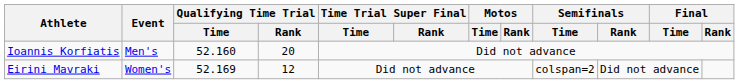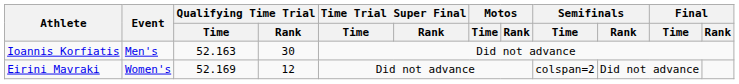 <table class="wikitable" style="font-size:90%">
 <tr>
 <th rowspan="2">Athlete</th>
 <th rowspan="2">Event</th>
 <th colspan="2">Qualifying Time Trial</th>
 <th colspan="2">Time Trial Super Final</th>
 <th colspan="2">Motos</th>
 <th colspan="2">Semifinals</th>
 <th colspan="2">Final</th>
 </tr>
 <tr>
 <th>Time</th>
 <th>Rank</th>
 <th>Time</th>
 <th>Rank</th>
 <th>Time</th>
 <th>Rank</th>
 <th>Time</th>
 <th>Rank</th>
 <th>Time</th>
 <th>Rank</th>
 </tr>
 <tr align=center>
 <td align=left><a href='#'>Ioannis Korfiatis</a></td>
 <td align=left><a href='#'>Men's</a></td>
-<td>52.160</td>
-<td>20</td>
+<td>52.163</td>
+<td>30</td>
 <td colspan=8>Did not advance</td>
 </tr>
 <tr align=center>
 <td align=left><a href='#'>Eirini Mavraki</a></td>
 <td align=left><a href='#'>Women's</a></td>
 <td>52.169</td>
 <td>12</td>
 <td colspan=4>Did not advance</td>
 <td>colspan=2 </td>
 <td colspan=2>Did not advance</td>
 </tr>
 </table>
